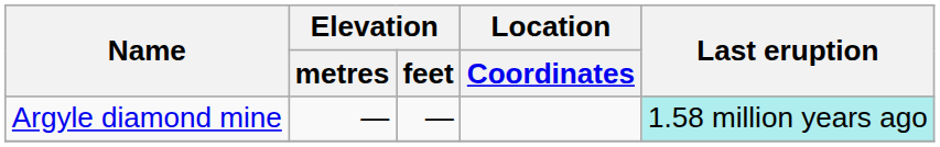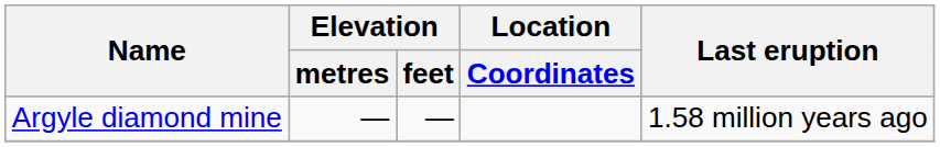 <table class="wikitable" style="text-align: left; ">
 <tr>
 <th rowspan="2">Name</th>
 <th colspan ="2">Elevation</th>
 <th>Location</th>
 <th rowspan="2">Last eruption</th>
 </tr>
 <tr>
 <th>metres</th>
 <th>feet</th>
 <th><a href='#'>Coordinates</a></th>
 </tr>
 <tr align="right">
 <td align="left"><a href='#'>Argyle diamond mine</a></td>
 <td>—</td>
 <td>—</td>
 <td></td>
-<td style="background: paleturquoise;">1.58 million years ago</td>
+<td>1.58 million years ago</td>
 </tr>
 <tr>
 </tr>
 </table>
